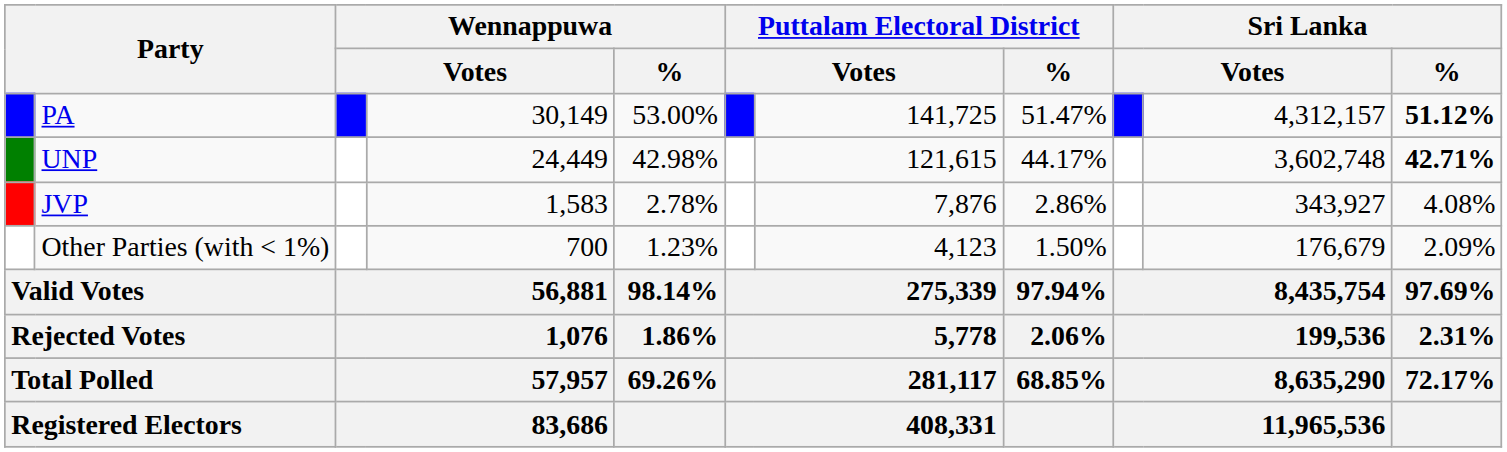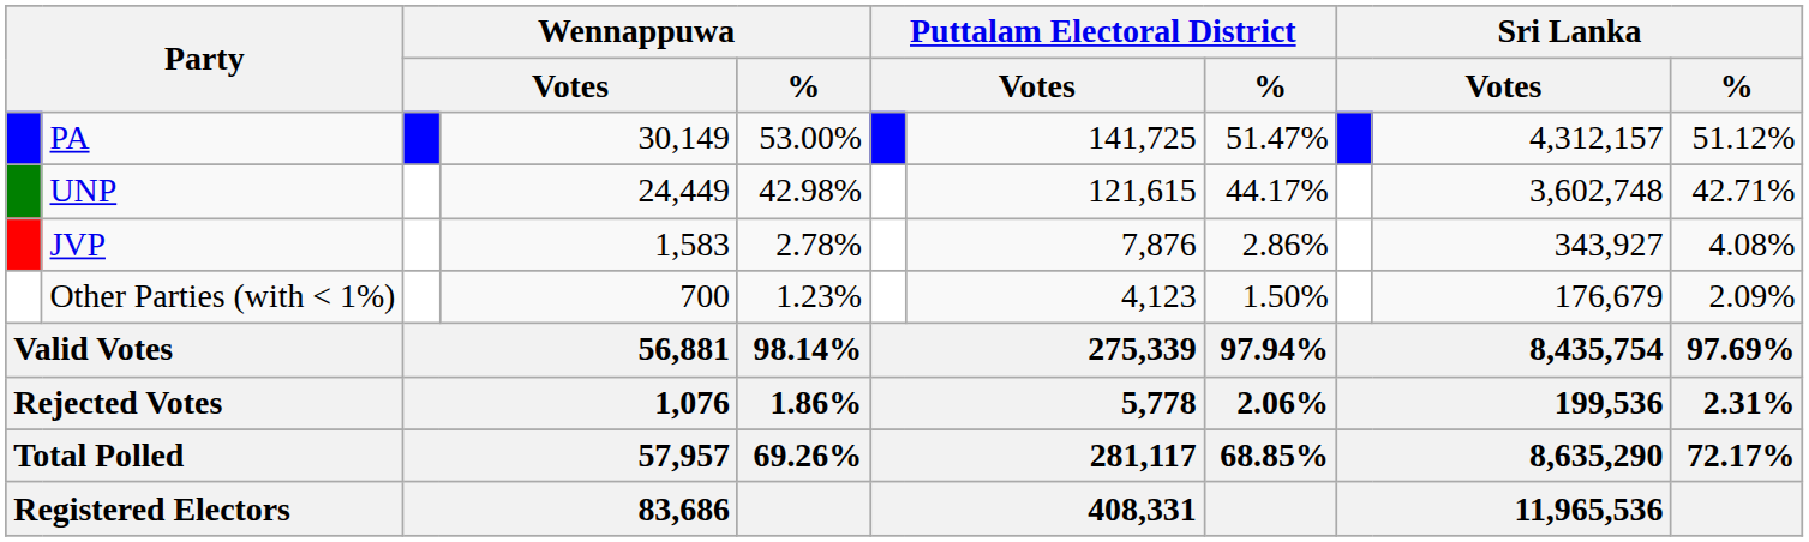 <table class="wikitable">
 <tr>
 <th colspan="2" width="144px"rowspan="2">Party</th>
 <th colspan="3" width="216px">Wennappuwa</th>
 <th colspan="3" width="216px"><a href='#'>Puttalam Electoral District</a></th>
 <th colspan="3" width="216px">Sri Lanka</th>
 </tr>
 <tr>
 <th colspan="2" width="144px">Votes</th>
 <th>%</th>
 <th colspan="2" width="144px">Votes</th>
 <th>%</th>
 <th colspan="2" width="144px">Votes</th>
 <th>%</th>
 </tr>
 <tr>
 <td style="background-color:blue;" width="10px"></td>
 <td style="text-align:left;"><a href='#'>PA</a></td>
 <td style="background-color:blue;" width="10px"></td>
 <td style="text-align:right;">30,149</td>
 <td style="text-align:right;">53.00%</td>
 <td style="background-color:blue;" width="10px"></td>
 <td style="text-align:right;">141,725</td>
 <td style="text-align:right;">51.47%</td>
 <td style="background-color:blue;" width="10px"></td>
 <td style="text-align:right;">4,312,157</td>
-<td style="text-align:right;"><strong>51.12%</strong></td>
+<td style="text-align:right;">51.12%</td>
 </tr>
 <tr>
 <td style="background-color:green;" width="10px"></td>
 <td style="text-align:left;"><a href='#'>UNP</a></td>
 <td style="background-color:white;" width="10px"></td>
 <td style="text-align:right;">24,449</td>
 <td style="text-align:right;">42.98%</td>
 <td style="background-color:white;" width="10px"></td>
 <td style="text-align:right;">121,615</td>
 <td style="text-align:right;">44.17%</td>
 <td style="background-color:white;" width="10px"></td>
 <td style="text-align:right;">3,602,748</td>
-<td style="text-align:right;"><strong>42.71%</strong></td>
+<td style="text-align:right;">42.71%</td>
 </tr>
 <tr>
 <td style="background-color:red;" width="10px"></td>
 <td style="text-align:left;"><a href='#'>JVP</a></td>
 <td style="background-color:white;" width="10px"></td>
 <td style="text-align:right;">1,583</td>
 <td style="text-align:right;">2.78%</td>
 <td style="background-color:white;" width="10px"></td>
 <td style="text-align:right;">7,876</td>
 <td style="text-align:right;">2.86%</td>
 <td style="background-color:white;" width="10px"></td>
 <td style="text-align:right;">343,927</td>
 <td style="text-align:right;">4.08%</td>
 </tr>
 <tr>
 <td style="background-color:white;" width="10px"></td>
 <td style="text-align:left;">Other Parties (with < 1%)</td>
 <td style="background-color:white;" width="10px"></td>
 <td style="text-align:right;">700</td>
 <td style="text-align:right;">1.23%</td>
 <td style="background-color:white;" width="10px"></td>
 <td style="text-align:right;">4,123</td>
 <td style="text-align:right;">1.50%</td>
 <td style="background-color:white;" width="10px"></td>
 <td style="text-align:right;">176,679</td>
 <td style="text-align:right;">2.09%</td>
 </tr>
 <tr>
 <th colspan="2" width="144px"style="text-align:left;">Valid Votes</th>
 <th style="text-align:right;"colspan="2" width="144px">56,881</th>
 <th style="text-align:right;">98.14%</th>
 <th style="text-align:right;"colspan="2" width="144px">275,339</th>
 <th style="text-align:right;">97.94%</th>
 <th style="text-align:right;"colspan="2" width="144px">8,435,754</th>
 <th style="text-align:right;">97.69%</th>
 </tr>
 <tr>
 <th colspan="2" width="144px"style="text-align:left;">Rejected Votes</th>
 <th style="text-align:right;"colspan="2" width="144px">1,076</th>
 <th style="text-align:right;">1.86%</th>
 <th style="text-align:right;"colspan="2" width="144px">5,778</th>
 <th style="text-align:right;">2.06%</th>
 <th style="text-align:right;"colspan="2" width="144px">199,536</th>
 <th style="text-align:right;">2.31%</th>
 </tr>
 <tr>
 <th colspan="2" width="144px"style="text-align:left;">Total Polled</th>
 <th style="text-align:right;"colspan="2" width="144px">57,957</th>
 <th style="text-align:right;">69.26%</th>
 <th style="text-align:right;"colspan="2" width="144px">281,117</th>
 <th style="text-align:right;">68.85%</th>
 <th style="text-align:right;"colspan="2" width="144px">8,635,290</th>
 <th style="text-align:right;">72.17%</th>
 </tr>
 <tr>
 <th colspan="2" width="144px"style="text-align:left;">Registered Electors</th>
 <th style="text-align:right;"colspan="2" width="144px">83,686</th>
 <th></th>
 <th style="text-align:right;"colspan="2" width="144px">408,331</th>
 <th></th>
 <th style="text-align:right;"colspan="2" width="144px">11,965,536</th>
 <th></th>
 </tr>
 </table>
